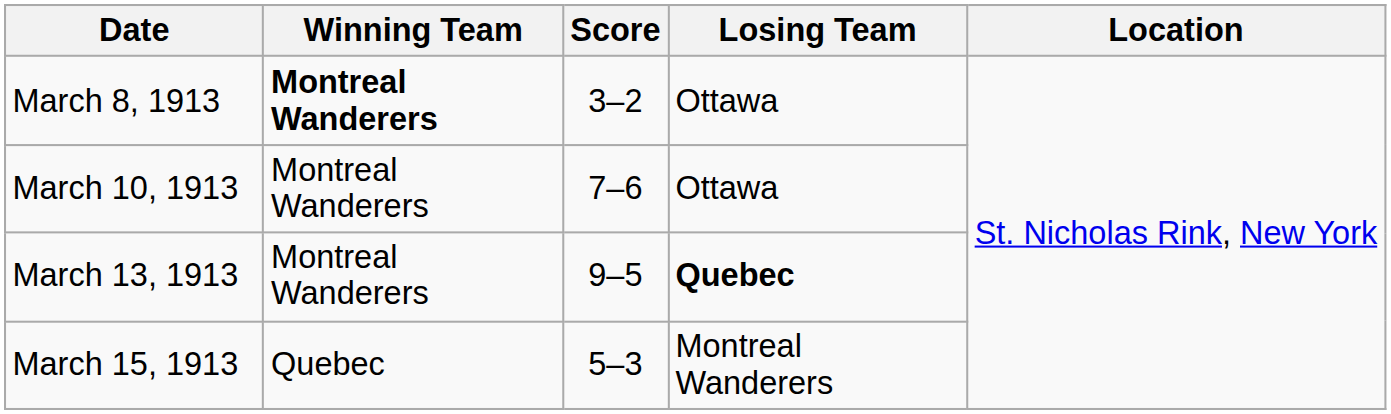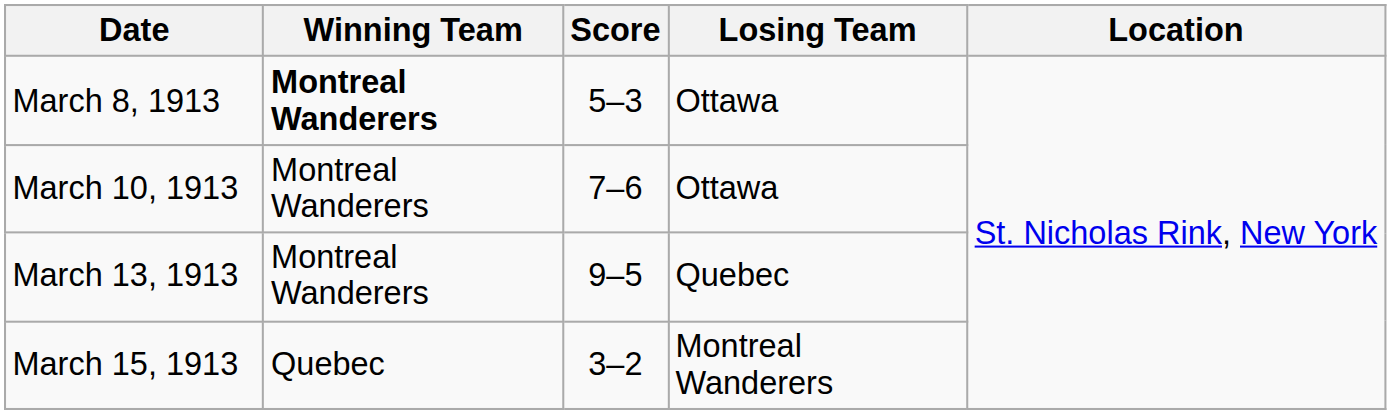 <table class="wikitable">
 <tr>
 <th width="120">Date</th>
 <th width="140">Winning Team</th>
 <th width="5">Score</th>
 <th width="140">Losing Team</th>
 <th>Location</th>
 </tr>
 <tr>
 <td>March 8, 1913</td>
 <td><strong>Montreal Wanderers</strong></td>
-<td align="center">3–2</td>
+<td align="center">5–3</td>
 <td>Ottawa</td>
 <td rowspan="4"><a href='#'>St. Nicholas Rink</a>, <a href='#'>New York</a></td>
 </tr>
 <tr>
 <td>March 10, 1913</td>
 <td>Montreal Wanderers</td>
 <td align="center">7–6</td>
 <td>Ottawa</td>
 </tr>
 <tr>
 <td>March 13, 1913</td>
 <td>Montreal Wanderers</td>
 <td align="center">9–5</td>
-<td><strong>Quebec</strong></td>
+<td>Quebec</td>
 </tr>
 <tr>
 <td>March 15, 1913</td>
 <td>Quebec</td>
-<td align="center">5–3</td>
+<td align="center">3–2</td>
 <td>Montreal Wanderers</td>
 </tr>
 </table>
